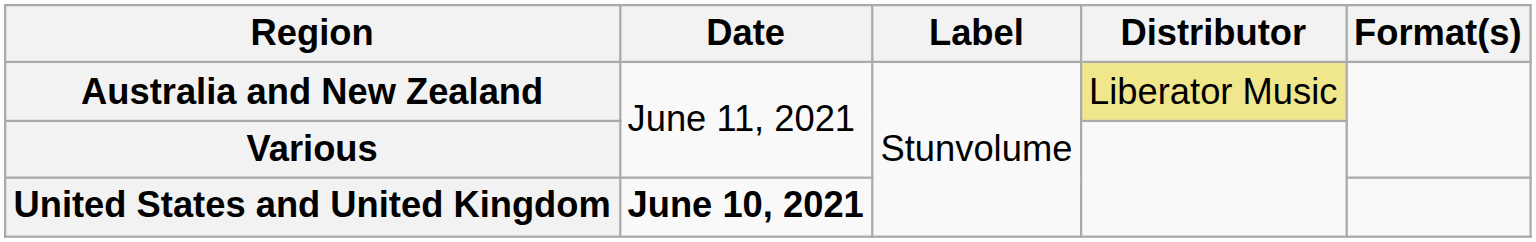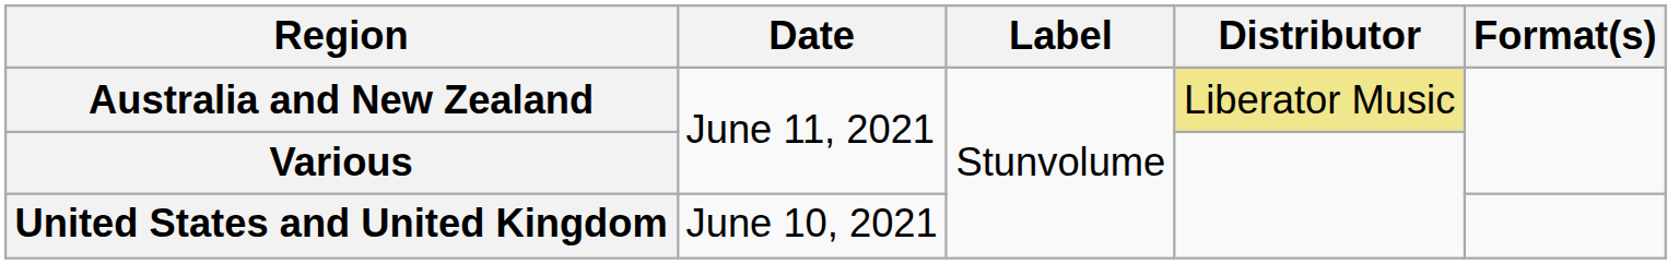 <table class="wikitable plainrowheaders">
 <tr>
 <th scope="col">Region</th>
 <th scope="col">Date</th>
 <th scope="col">Label</th>
 <th scope="col">Distributor</th>
 <th scope="col">Format(s)</th>
 </tr>
 <tr>
 <th scope="row">Australia and New Zealand</th>
 <td rowspan="2">June 11, 2021</td>
 <td rowspan="3">Stunvolume</td>
 <td style="background: khaki;">Liberator Music</td>
 <td rowspan="2"></td>
 </tr>
 <tr>
 <th scope="row">Various</th>
 <td rowspan="2"></td>
 </tr>
 <tr>
 <th scope="row">United States and United Kingdom</th>
-<td><strong>June 10, 2021</strong></td>
+<td>June 10, 2021</td>
 <td rowspan="2"></td>
 </tr>
 </table>
